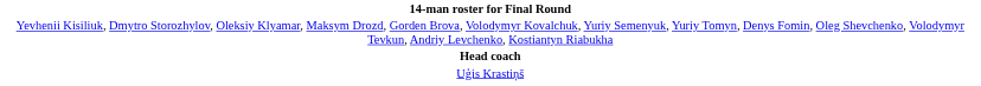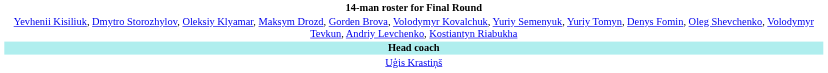 <table style="text-align:center; margin-top:2em; margin-left:auto; margin-right:auto">
 <tr>
 <td><strong>14-man roster for Final Round</strong></td>
 </tr>
 <tr>
 <td><a href='#'>Yevhenii Kisiliuk</a>, <a href='#'>Dmytro Storozhylov</a>, <a href='#'>Oleksiy Klyamar</a>, <a href='#'>Maksym Drozd</a>, <a href='#'>Gorden Brova</a>, <a href='#'>Volodymyr Kovalchuk</a>, <a href='#'>Yuriy Semenyuk</a>, <a href='#'>Yuriy Tomyn</a>, <a href='#'>Denys Fomin</a>, <a href='#'>Oleg Shevchenko</a>, <a href='#'>Volodymyr Tevkun</a>, <a href='#'>Andriy Levchenko</a>, <a href='#'>Kostiantyn Riabukha</a></td>
 </tr>
 <tr>
-<td><strong>Head coach</strong></td>
+<td style="background: paleturquoise;"><strong>Head coach</strong></td>
 </tr>
 <tr>
 <td><a href='#'>Uģis Krastiņš</a></td>
 </tr>
 </table>
